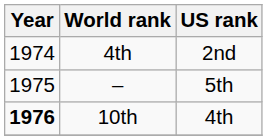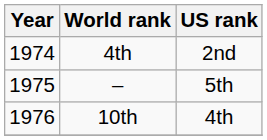 <table class=wikitable>
 <tr>
 <th>Year</th>
 <th>World rank</th>
 <th>US rank</th>
 </tr>
 <tr>
 <td>1974</td>
 <td align="center">4th</td>
 <td align="center">2nd</td>
 </tr>
 <tr>
 <td>1975</td>
 <td align="center">–</td>
 <td align="center">5th</td>
 </tr>
 <tr>
-<td><strong>1976</strong></td>
+<td>1976</td>
 <td align="center">10th</td>
 <td align="center">4th</td>
 </tr>
 <tr>
 </tr>
 </table>
